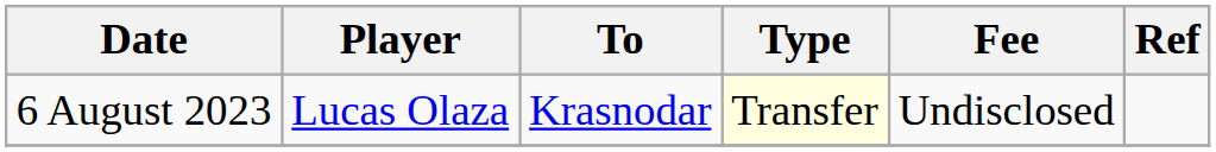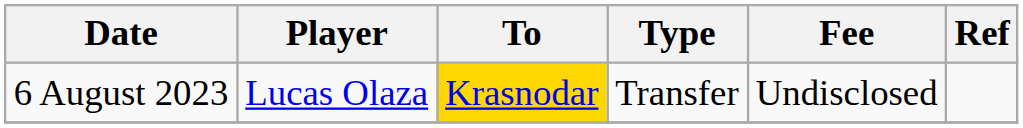 <table class="wikitable">
 <tr>
 <th>Date</th>
 <th>Player</th>
 <th>To</th>
 <th>Type</th>
 <th>Fee</th>
 <th>Ref</th>
 </tr>
 <tr>
 <td>6 August 2023</td>
 <td> <a href='#'>Lucas Olaza</a></td>
-<td> <a href='#'>Krasnodar</a></td>
-<td style="background: lightyellow;">Transfer</td>
+<td style="background: gold;"> <a href='#'>Krasnodar</a></td>
+<td>Transfer</td>
 <td>Undisclosed</td>
 <td></td>
 </tr>
 <tr>
 </tr>
 </table>
